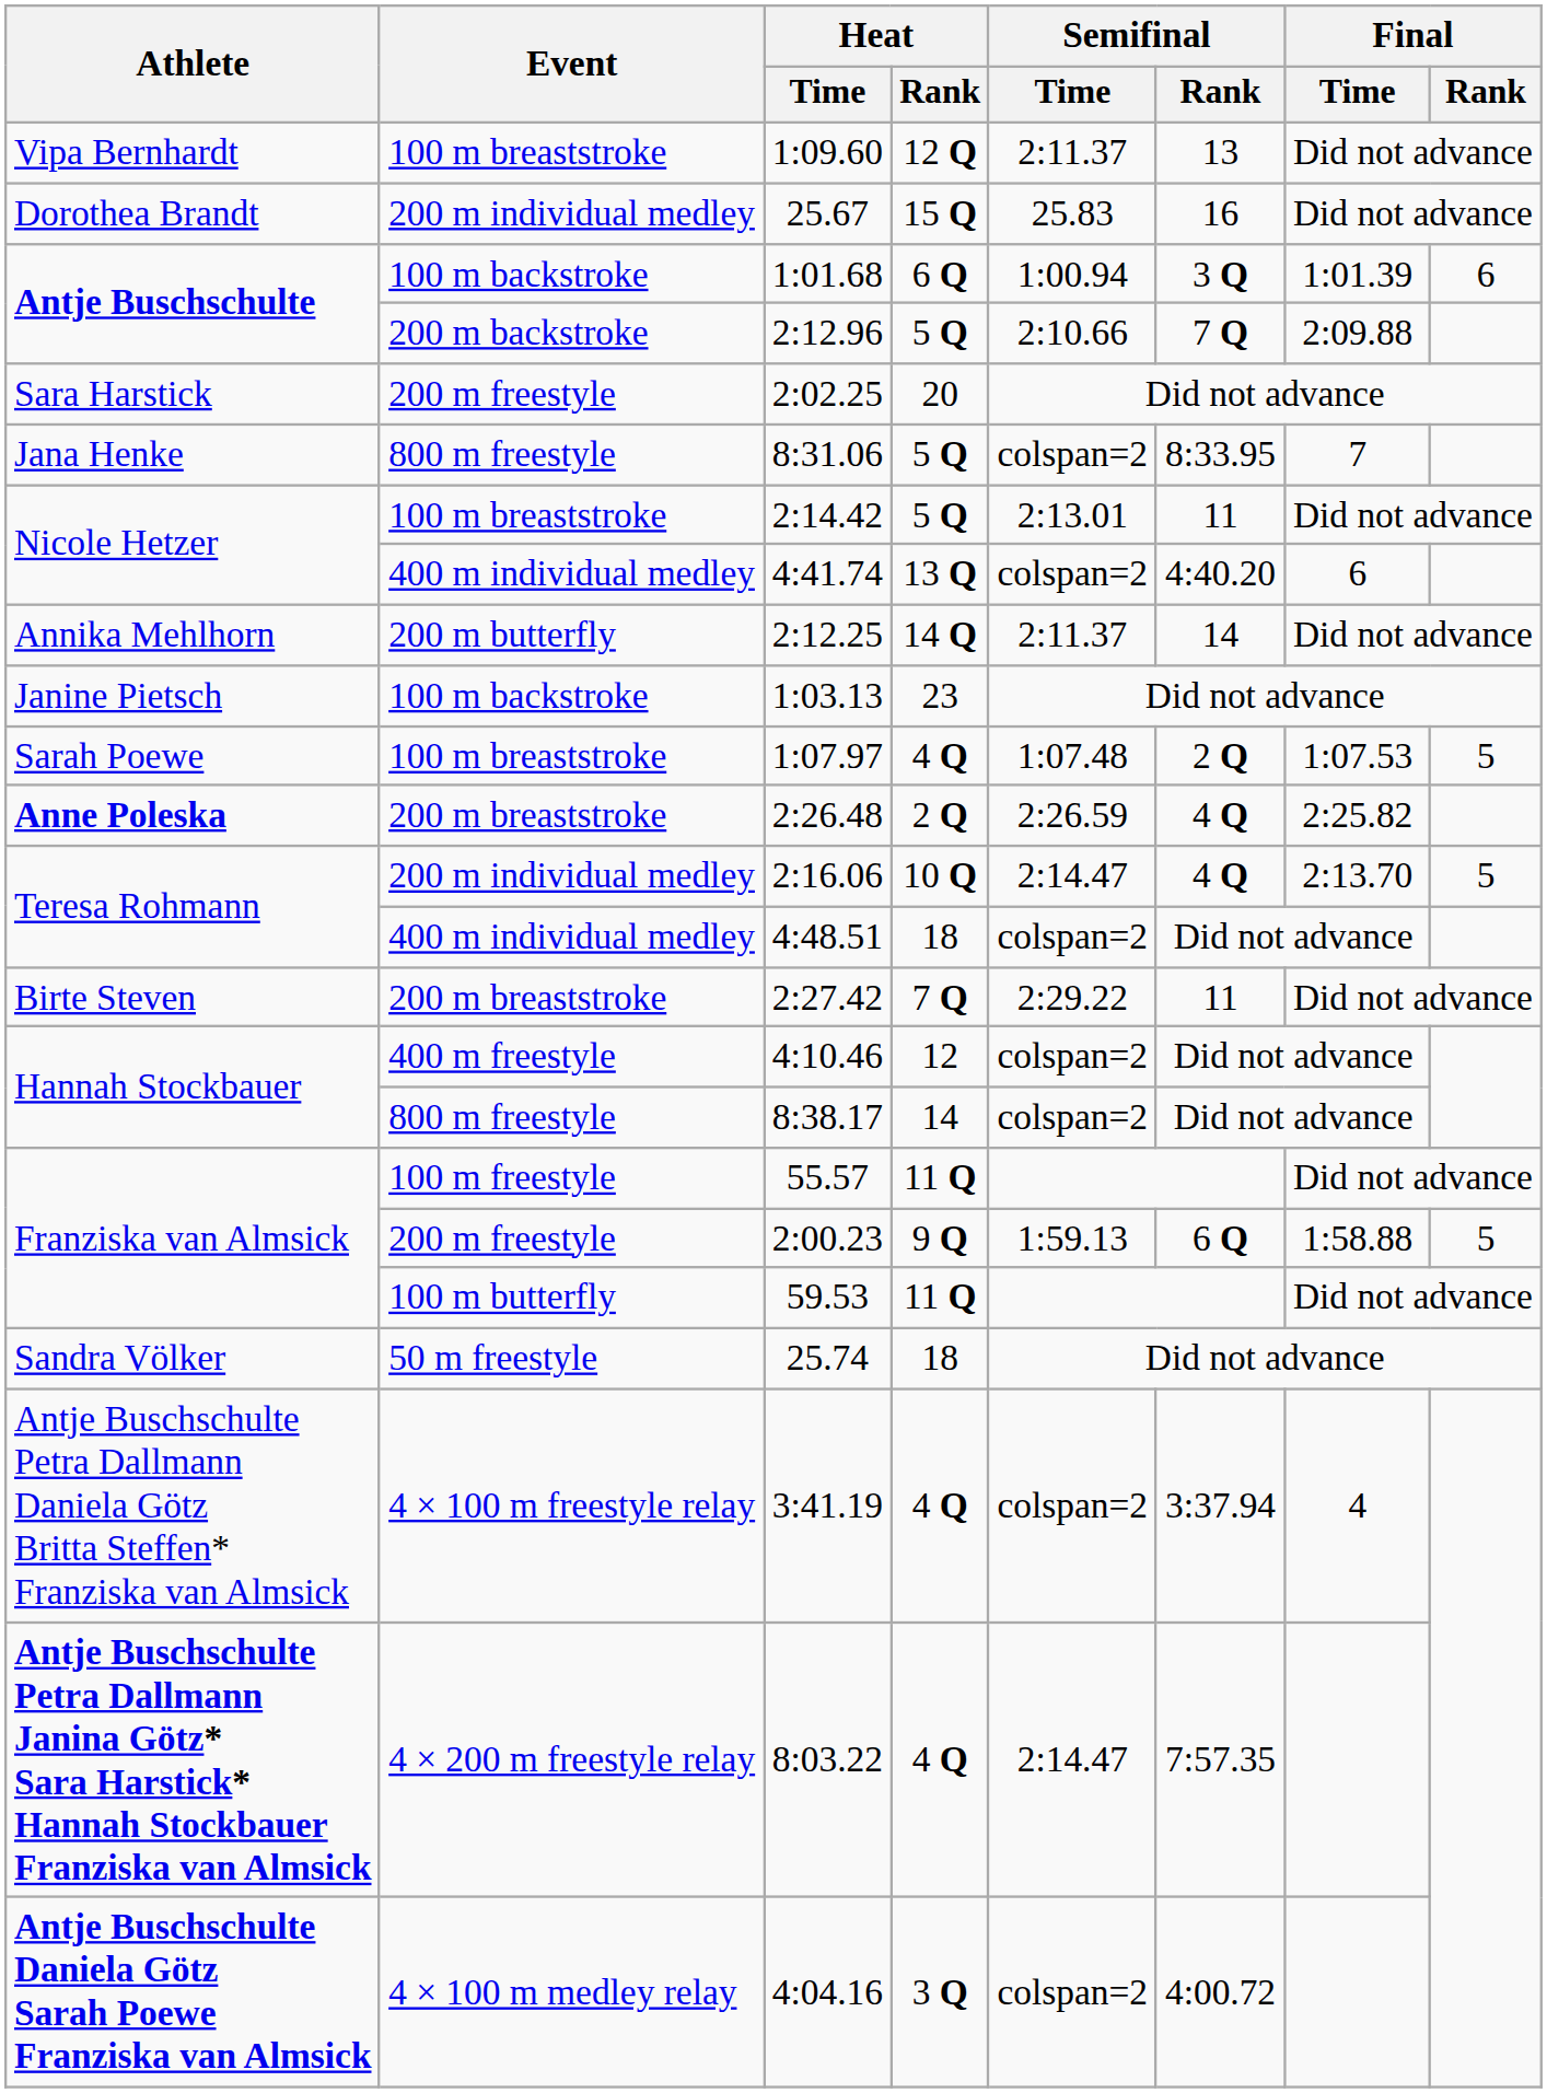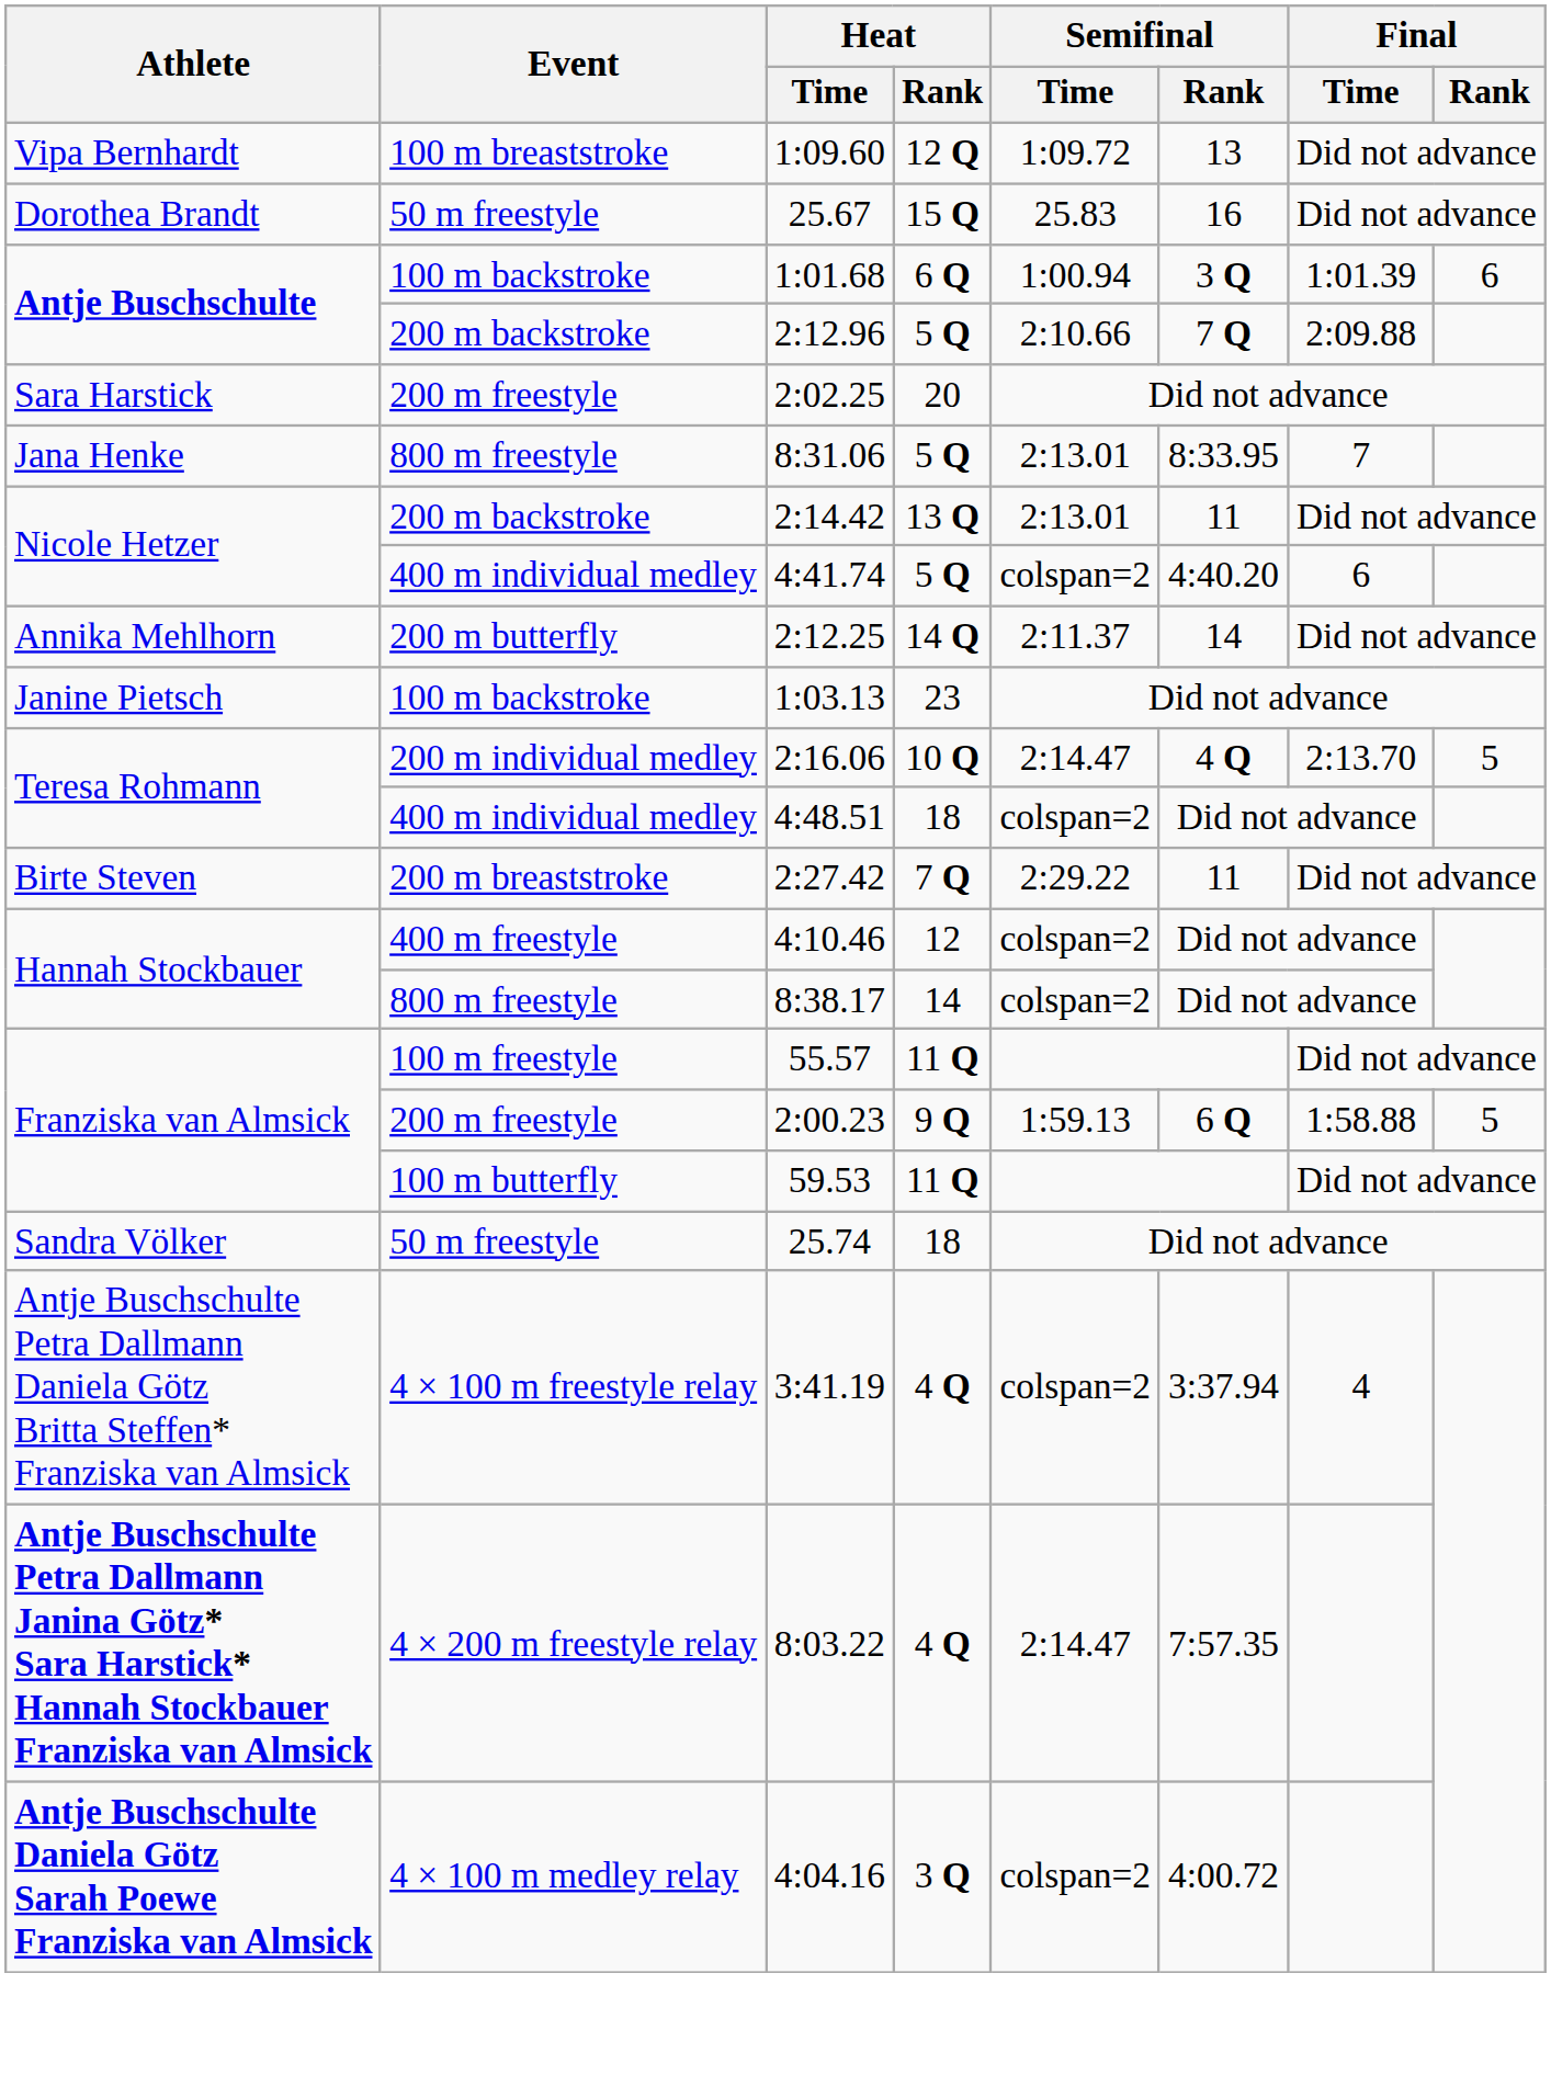 <table class=wikitable style="font-size:90%">
 <tr>
 <th rowspan="2">Athlete</th>
 <th rowspan="2">Event</th>
 <th colspan="2">Heat</th>
 <th colspan="2">Semifinal</th>
 <th colspan="2">Final</th>
 </tr>
 <tr style="font-size:95%">
 <th>Time</th>
 <th>Rank</th>
 <th>Time</th>
 <th>Rank</th>
 <th>Time</th>
 <th>Rank</th>
 </tr>
 <tr align=center>
 <td align=left><a href='#'>Vipa Bernhardt</a></td>
 <td align=left><a href='#'>100 m breaststroke</a></td>
 <td>1:09.60</td>
 <td>12 <strong>Q</strong></td>
-<td>2:11.37</td>
+<td>1:09.72</td>
 <td>13</td>
 <td colspan=2>Did not advance</td>
 </tr>
 <tr align=center>
 <td align=left><a href='#'>Dorothea Brandt</a></td>
-<td align=left><a href='#'>200 m individual medley</a></td>
+<td align=left><a href='#'>50 m freestyle</a></td>
 <td>25.67</td>
 <td>15 <strong>Q</strong></td>
 <td>25.83</td>
 <td>16</td>
 <td colspan=2>Did not advance</td>
 </tr>
 <tr align=center>
 <td align=left rowspan=2><strong><a href='#'>Antje Buschschulte</a></strong></td>
 <td align=left><a href='#'>100 m backstroke</a></td>
 <td>1:01.68</td>
 <td>6 <strong>Q</strong></td>
 <td>1:00.94</td>
 <td>3 <strong>Q</strong></td>
 <td>1:01.39</td>
 <td>6</td>
 </tr>
 <tr align=center>
 <td align=left><a href='#'>200 m backstroke</a></td>
 <td>2:12.96</td>
 <td>5 <strong>Q</strong></td>
 <td>2:10.66</td>
 <td>7 <strong>Q</strong></td>
 <td>2:09.88</td>
 <td></td>
 </tr>
 <tr align=center>
 <td align=left><a href='#'>Sara Harstick</a></td>
 <td align=left><a href='#'>200 m freestyle</a></td>
 <td>2:02.25</td>
 <td>20</td>
 <td colspan=4>Did not advance</td>
 </tr>
 <tr align=center>
 <td align=left><a href='#'>Jana Henke</a></td>
 <td align=left><a href='#'>800 m freestyle</a></td>
 <td>8:31.06</td>
 <td>5 <strong>Q</strong></td>
-<td>colspan=2 </td>
+<td>2:13.01</td>
 <td>8:33.95</td>
 <td>7</td>
 </tr>
 <tr align=center>
 <td align=left rowspan=2><a href='#'>Nicole Hetzer</a></td>
-<td align=left><a href='#'>100 m breaststroke</a></td>
+<td align=left><a href='#'>200 m backstroke</a></td>
 <td>2:14.42</td>
-<td>5 <strong>Q</strong></td>
+<td>13 <strong>Q</strong></td>
 <td>2:13.01</td>
 <td>11</td>
 <td colspan=2>Did not advance</td>
 </tr>
 <tr align=center>
 <td align=left><a href='#'>400 m individual medley</a></td>
 <td>4:41.74</td>
-<td>13 <strong>Q</strong></td>
+<td>5 <strong>Q</strong></td>
 <td>colspan=2 </td>
 <td>4:40.20</td>
 <td>6</td>
 </tr>
 <tr align=center>
 <td align=left><a href='#'>Annika Mehlhorn</a></td>
 <td align=left><a href='#'>200 m butterfly</a></td>
 <td>2:12.25</td>
 <td>14 <strong>Q</strong></td>
 <td>2:11.37</td>
 <td>14</td>
 <td colspan=2>Did not advance</td>
 </tr>
 <tr align=center>
 <td align=left><a href='#'>Janine Pietsch</a></td>
 <td align=left><a href='#'>100 m backstroke</a></td>
 <td>1:03.13</td>
 <td>23</td>
 <td colspan=4>Did not advance</td>
-</tr>
-<tr align=center>
-<td align=left><a href='#'>Sarah Poewe</a></td>
-<td align=left><a href='#'>100 m breaststroke</a></td>
-<td>1:07.97</td>
-<td>4 <strong>Q</strong></td>
-<td>1:07.48</td>
-<td>2 <strong>Q</strong></td>
-<td>1:07.53</td>
-<td>5</td>
-</tr>
-<tr align=center>
-<td align=left><strong><a href='#'>Anne Poleska</a></strong></td>
-<td align=left><a href='#'>200 m breaststroke</a></td>
-<td>2:26.48</td>
-<td>2 <strong>Q</strong></td>
-<td>2:26.59</td>
-<td>4 <strong>Q</strong></td>
-<td>2:25.82</td>
-<td></td>
 </tr>
 <tr align=center>
 <td align=left rowspan=2><a href='#'>Teresa Rohmann</a></td>
 <td align=left><a href='#'>200 m individual medley</a></td>
 <td>2:16.06</td>
 <td>10 <strong>Q</strong></td>
 <td>2:14.47</td>
 <td>4 <strong>Q</strong></td>
 <td>2:13.70</td>
 <td>5</td>
 </tr>
 <tr align=center>
 <td align=left><a href='#'>400 m individual medley</a></td>
 <td>4:48.51</td>
 <td>18</td>
 <td>colspan=2 </td>
 <td colspan=2>Did not advance</td>
 </tr>
 <tr align=center>
 <td align=left><a href='#'>Birte Steven</a></td>
 <td align=left><a href='#'>200 m breaststroke</a></td>
 <td>2:27.42</td>
 <td>7 <strong>Q</strong></td>
 <td>2:29.22</td>
 <td>11</td>
 <td colspan=2>Did not advance</td>
 </tr>
 <tr align=center>
 <td align=left rowspan=2><a href='#'>Hannah Stockbauer</a></td>
 <td align=left><a href='#'>400 m freestyle</a></td>
 <td>4:10.46</td>
 <td>12</td>
 <td>colspan=2 </td>
 <td colspan=2>Did not advance</td>
 </tr>
 <tr align=center>
 <td align=left><a href='#'>800 m freestyle</a></td>
 <td>8:38.17</td>
 <td>14</td>
 <td>colspan=2 </td>
 <td colspan=2>Did not advance</td>
 </tr>
 <tr align=center>
 <td align=left rowspan=3><a href='#'>Franziska van Almsick</a></td>
 <td align=left><a href='#'>100 m freestyle</a></td>
 <td>55.57</td>
 <td>11 <strong>Q</strong></td>
 <td colspan=2></td>
 <td colspan=2>Did not advance</td>
 </tr>
 <tr align=center>
 <td align=left><a href='#'>200 m freestyle</a></td>
 <td>2:00.23</td>
 <td>9 <strong>Q</strong></td>
 <td>1:59.13</td>
 <td>6 <strong>Q</strong></td>
 <td>1:58.88</td>
 <td>5</td>
 </tr>
 <tr align=center>
 <td align=left><a href='#'>100 m butterfly</a></td>
 <td>59.53</td>
 <td>11 <strong>Q</strong></td>
 <td colspan=2></td>
 <td colspan=2>Did not advance</td>
 </tr>
 <tr align=center>
 <td align=left><a href='#'>Sandra Völker</a></td>
 <td align=left><a href='#'>50 m freestyle</a></td>
 <td>25.74</td>
 <td>18</td>
 <td colspan=4>Did not advance</td>
 </tr>
 <tr align=center>
 <td align=left><a href='#'>Antje Buschschulte</a><br><a href='#'>Petra Dallmann</a><br><a href='#'>Daniela Götz</a><br><a href='#'>Britta Steffen</a>*<br><a href='#'>Franziska van Almsick</a></td>
 <td align=left><a href='#'>4 × 100 m freestyle relay</a></td>
 <td>3:41.19</td>
 <td>4 <strong>Q</strong></td>
 <td>colspan=2 </td>
 <td>3:37.94</td>
 <td>4</td>
 </tr>
 <tr align=center>
 <td align=left><strong><a href='#'>Antje Buschschulte</a><br><a href='#'>Petra Dallmann</a><br><a href='#'>Janina Götz</a>*<br><a href='#'>Sara Harstick</a>*<br><a href='#'>Hannah Stockbauer</a><br><a href='#'>Franziska van Almsick</a></strong></td>
 <td align=left><a href='#'>4 × 200 m freestyle relay</a></td>
 <td>8:03.22</td>
 <td>4 <strong>Q</strong></td>
 <td>2:14.47</td>
 <td>7:57.35</td>
 <td></td>
 </tr>
 <tr align=center>
 <td align=left><strong><a href='#'>Antje Buschschulte</a><br><a href='#'>Daniela Götz</a><br><a href='#'>Sarah Poewe</a><br><a href='#'>Franziska van Almsick</a></strong></td>
 <td align=left><a href='#'>4 × 100 m medley relay</a></td>
 <td>4:04.16</td>
 <td>3 <strong>Q</strong></td>
 <td>colspan=2 </td>
 <td>4:00.72</td>
 <td></td>
 </tr>
 </table>
